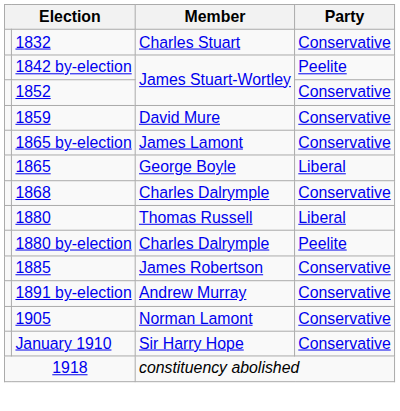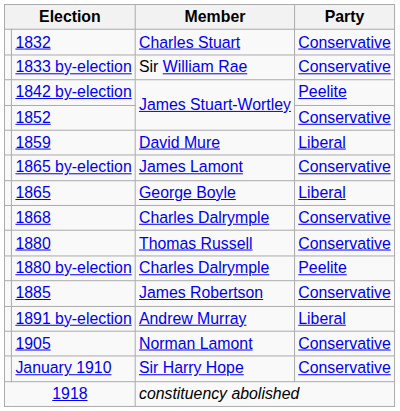 <table class="wikitable">
 <tr>
 <th colspan="2">Election</th>
 <th>Member</th>
 <th>Party</th>
 </tr>
 <tr>
 <td style="color:inherit;background-color: "></td>
 <td><a href='#'>1832</a></td>
 <td><a href='#'>Charles Stuart</a></td>
+<td><a href='#'>Conservative</a></td>
+</tr>
+<tr>
+<td style="color:inherit;background-color: "></td>
+<td><a href='#'>1833 by-election</a></td>
+<td>Sir <a href='#'>William Rae</a></td>
 <td><a href='#'>Conservative</a></td>
 </tr>
 <tr>
 <td style="color:inherit;background-color: "></td>
 <td><a href='#'>1842 by-election</a></td>
 <td rowspan=2><a href='#'>James Stuart-Wortley</a></td>
 <td><a href='#'>Peelite</a></td>
 </tr>
 <tr>
 <td style="color:inherit;background-color: "></td>
 <td><a href='#'>1852</a></td>
 <td><a href='#'>Conservative</a></td>
 </tr>
 <tr>
 <td style="color:inherit;background-color: "></td>
 <td><a href='#'>1859</a></td>
 <td><a href='#'>David Mure</a></td>
-<td><a href='#'>Conservative</a></td>
+<td><a href='#'>Liberal</a></td>
 </tr>
 <tr>
 <td style="color:inherit;background-color: "></td>
 <td><a href='#'>1865 by-election</a></td>
 <td><a href='#'>James Lamont</a></td>
 <td><a href='#'>Conservative</a></td>
 </tr>
 <tr>
 <td style="color:inherit;background-color: "></td>
 <td><a href='#'>1865</a></td>
 <td><a href='#'>George Boyle</a></td>
 <td><a href='#'>Liberal</a></td>
 </tr>
 <tr>
 <td style="color:inherit;background-color: "></td>
 <td><a href='#'>1868</a></td>
 <td><a href='#'>Charles Dalrymple</a></td>
 <td><a href='#'>Conservative</a></td>
 </tr>
 <tr>
 <td style="color:inherit;background-color: "></td>
 <td><a href='#'>1880</a></td>
 <td><a href='#'>Thomas Russell</a></td>
-<td><a href='#'>Liberal</a></td>
+<td><a href='#'>Conservative</a></td>
 </tr>
 <tr>
 <td style="color:inherit;background-color: "></td>
 <td><a href='#'>1880 by-election</a></td>
 <td><a href='#'>Charles Dalrymple</a></td>
 <td><a href='#'>Peelite</a></td>
 </tr>
 <tr>
 <td style="color:inherit;background-color: "></td>
 <td><a href='#'>1885</a></td>
 <td><a href='#'>James Robertson</a></td>
 <td><a href='#'>Conservative</a></td>
 </tr>
 <tr>
 <td style="color:inherit;background-color: "></td>
 <td><a href='#'>1891 by-election</a></td>
 <td><a href='#'>Andrew Murray</a></td>
-<td><a href='#'>Conservative</a></td>
+<td><a href='#'>Liberal</a></td>
 </tr>
 <tr>
 <td style="color:inherit;background-color: "></td>
 <td><a href='#'>1905</a></td>
 <td><a href='#'>Norman Lamont</a></td>
 <td><a href='#'>Conservative</a></td>
 </tr>
 <tr>
 <td style="color:inherit;background-color: "></td>
 <td><a href='#'>January 1910</a></td>
 <td><a href='#'>Sir Harry Hope</a></td>
 <td><a href='#'>Conservative</a></td>
 </tr>
 <tr>
 <td colspan="2" align="center"><a href='#'>1918</a></td>
 <td colspan="2"><em>constituency abolished</em></td>
 </tr>
 </table>
